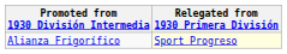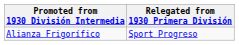 <table class="wikitable">
 <tr>
 <th>Promoted from<br><a href='#'>1930 División Intermedia</a></th>
 <th>Relegated from<br><a href='#'>1930 Primera División</a></th>
 </tr>
 <tr>
 <td> <a href='#'>Alianza Frigorífico</a> </td>
-<td style="background: lightyellow;"> <a href='#'>Sport Progreso</a> </td>
+<td> <a href='#'>Sport Progreso</a> </td>
 </tr>
 </table>
